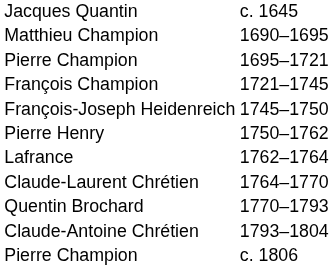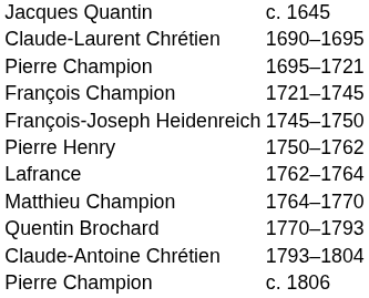 <table>
 <tr>
 <td>Jacques Quantin</td>
 <td>c. 1645</td>
 </tr>
 <tr>
-<td>Matthieu Champion</td>
+<td>Claude-Laurent Chrétien</td>
 <td>1690–1695</td>
 </tr>
 <tr>
 <td>Pierre Champion</td>
 <td>1695–1721</td>
 </tr>
 <tr>
 <td>François Champion</td>
 <td>1721–1745</td>
 </tr>
 <tr>
 <td>François-Joseph Heidenreich</td>
 <td>1745–1750</td>
 </tr>
 <tr>
 <td>Pierre Henry</td>
 <td>1750–1762</td>
 </tr>
 <tr>
 <td>Lafrance</td>
 <td>1762–1764</td>
 </tr>
 <tr>
-<td>Claude-Laurent Chrétien</td>
+<td>Matthieu Champion</td>
 <td>1764–1770</td>
 </tr>
 <tr>
 <td>Quentin Brochard</td>
 <td>1770–1793</td>
 </tr>
 <tr>
 <td>Claude-Antoine Chrétien</td>
 <td>1793–1804</td>
 </tr>
 <tr>
 <td>Pierre Champion</td>
 <td>c. 1806</td>
 </tr>
 </table>
